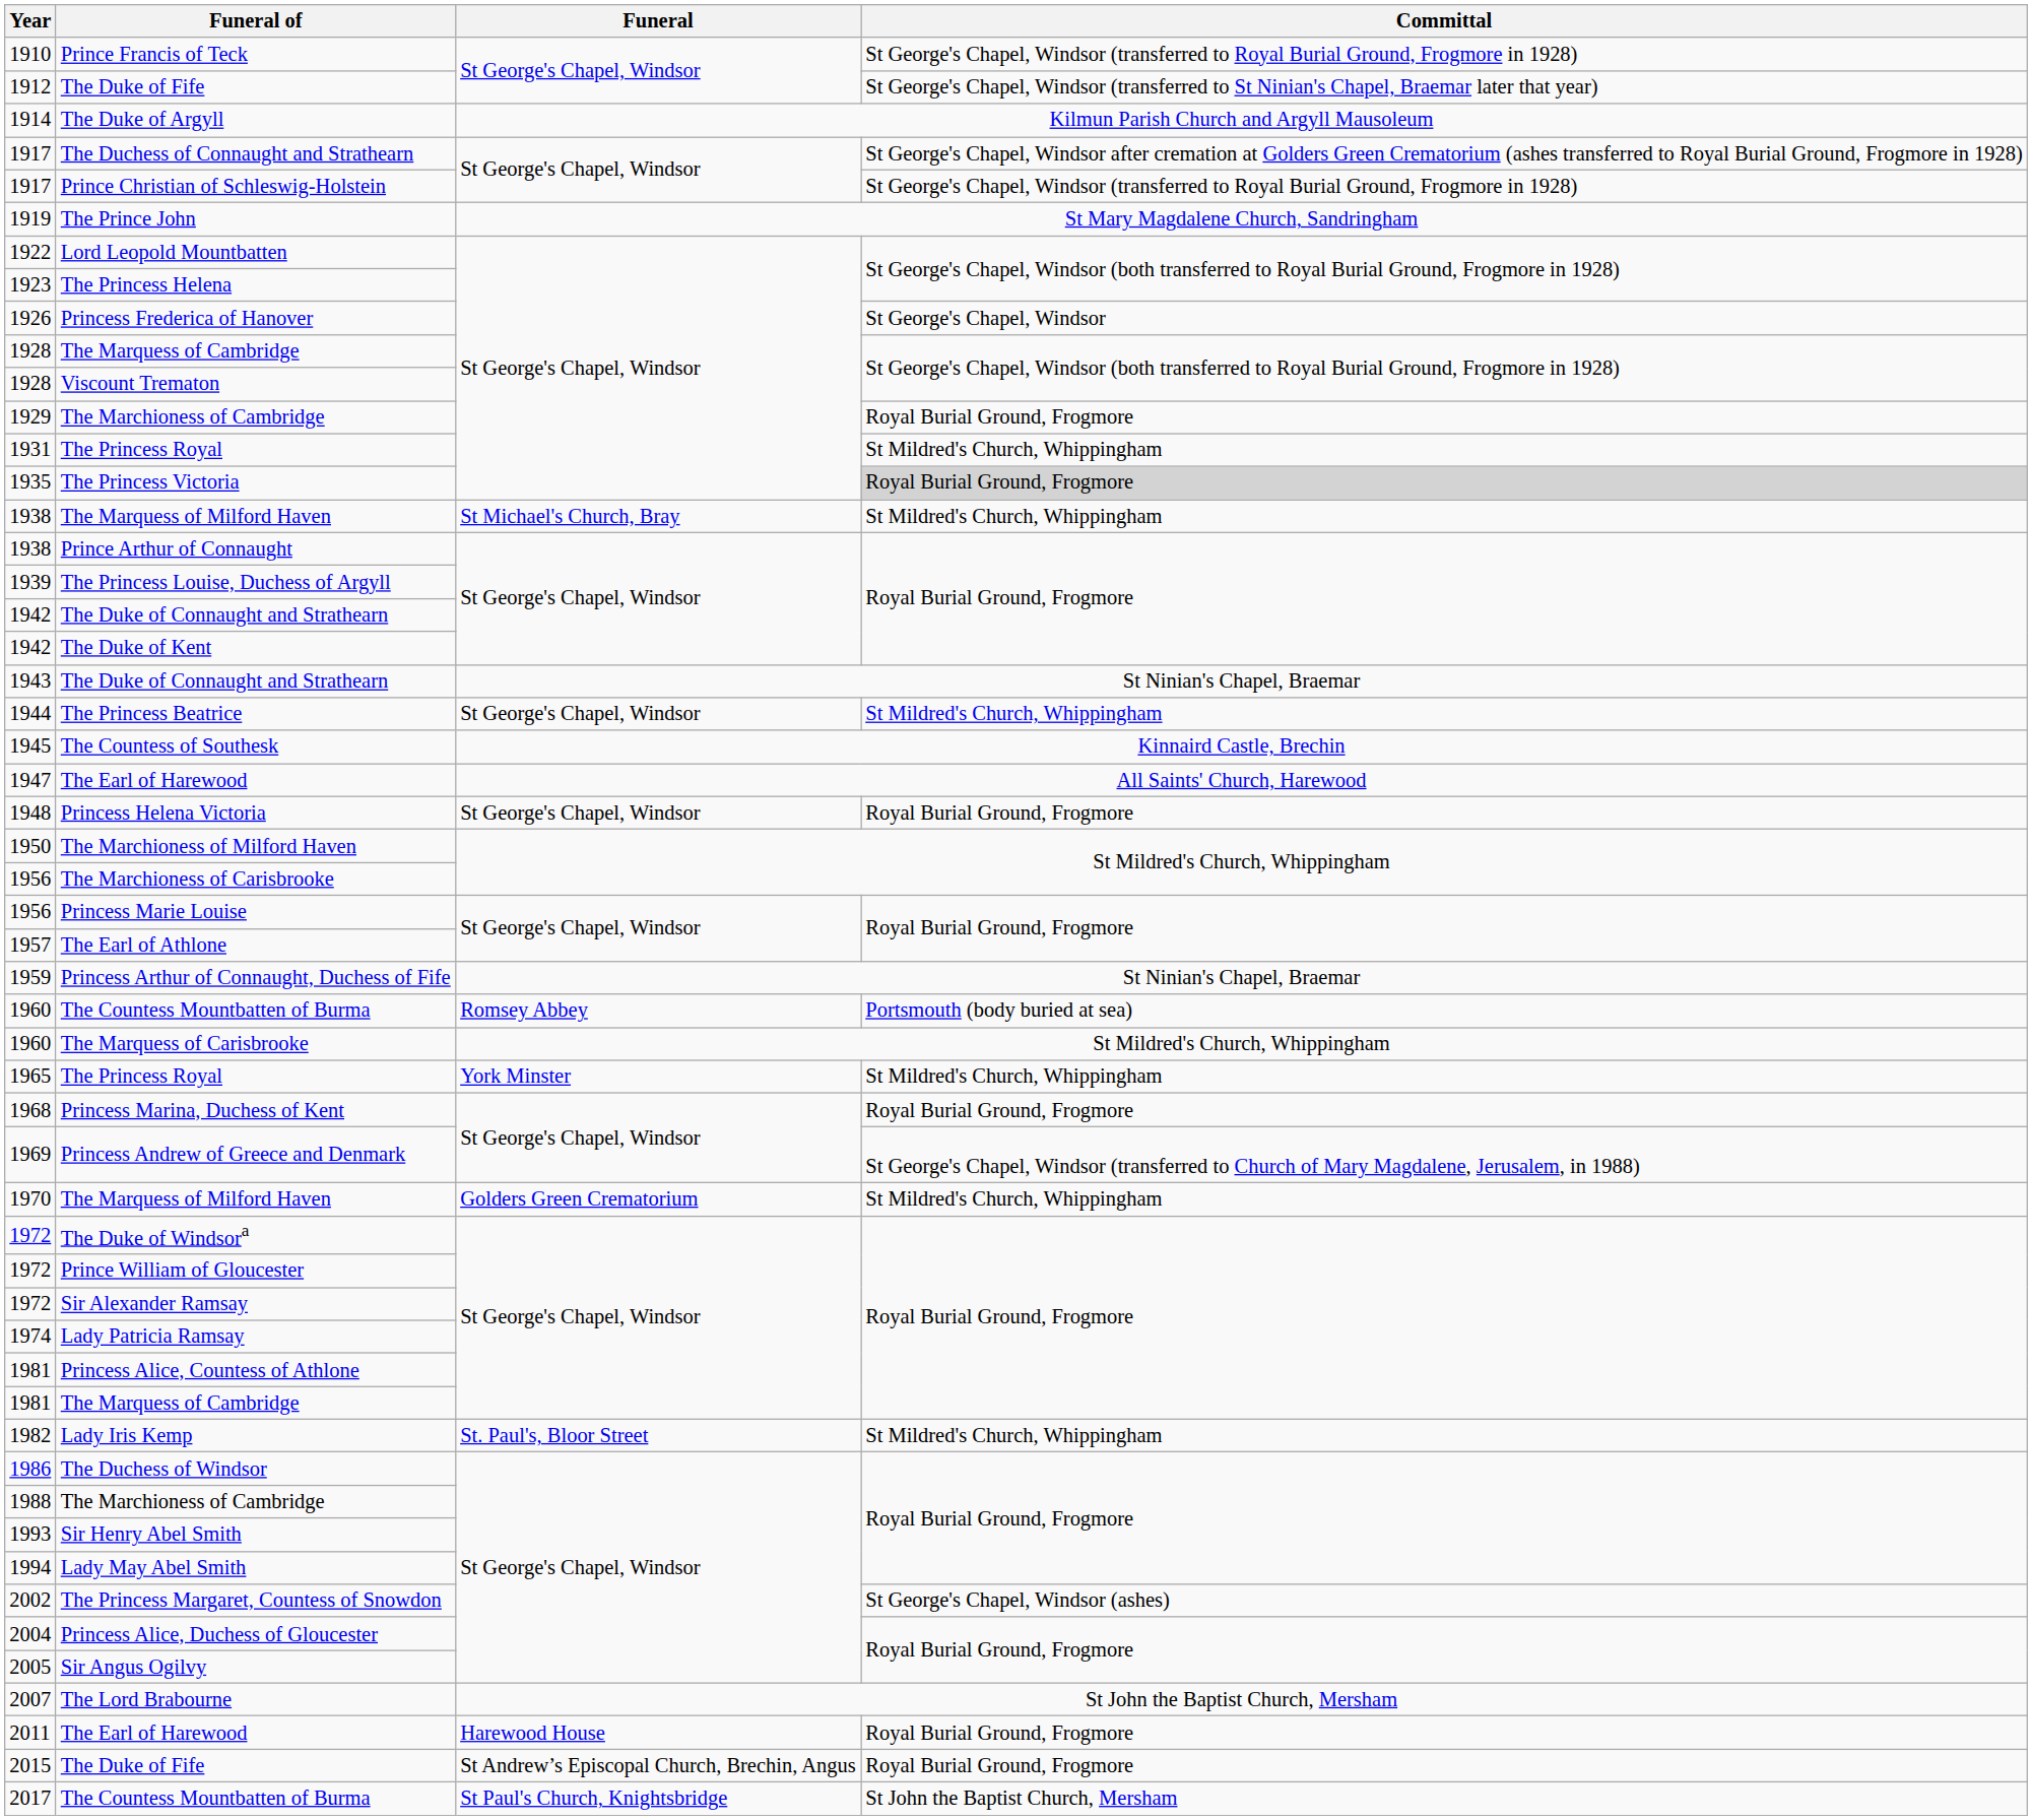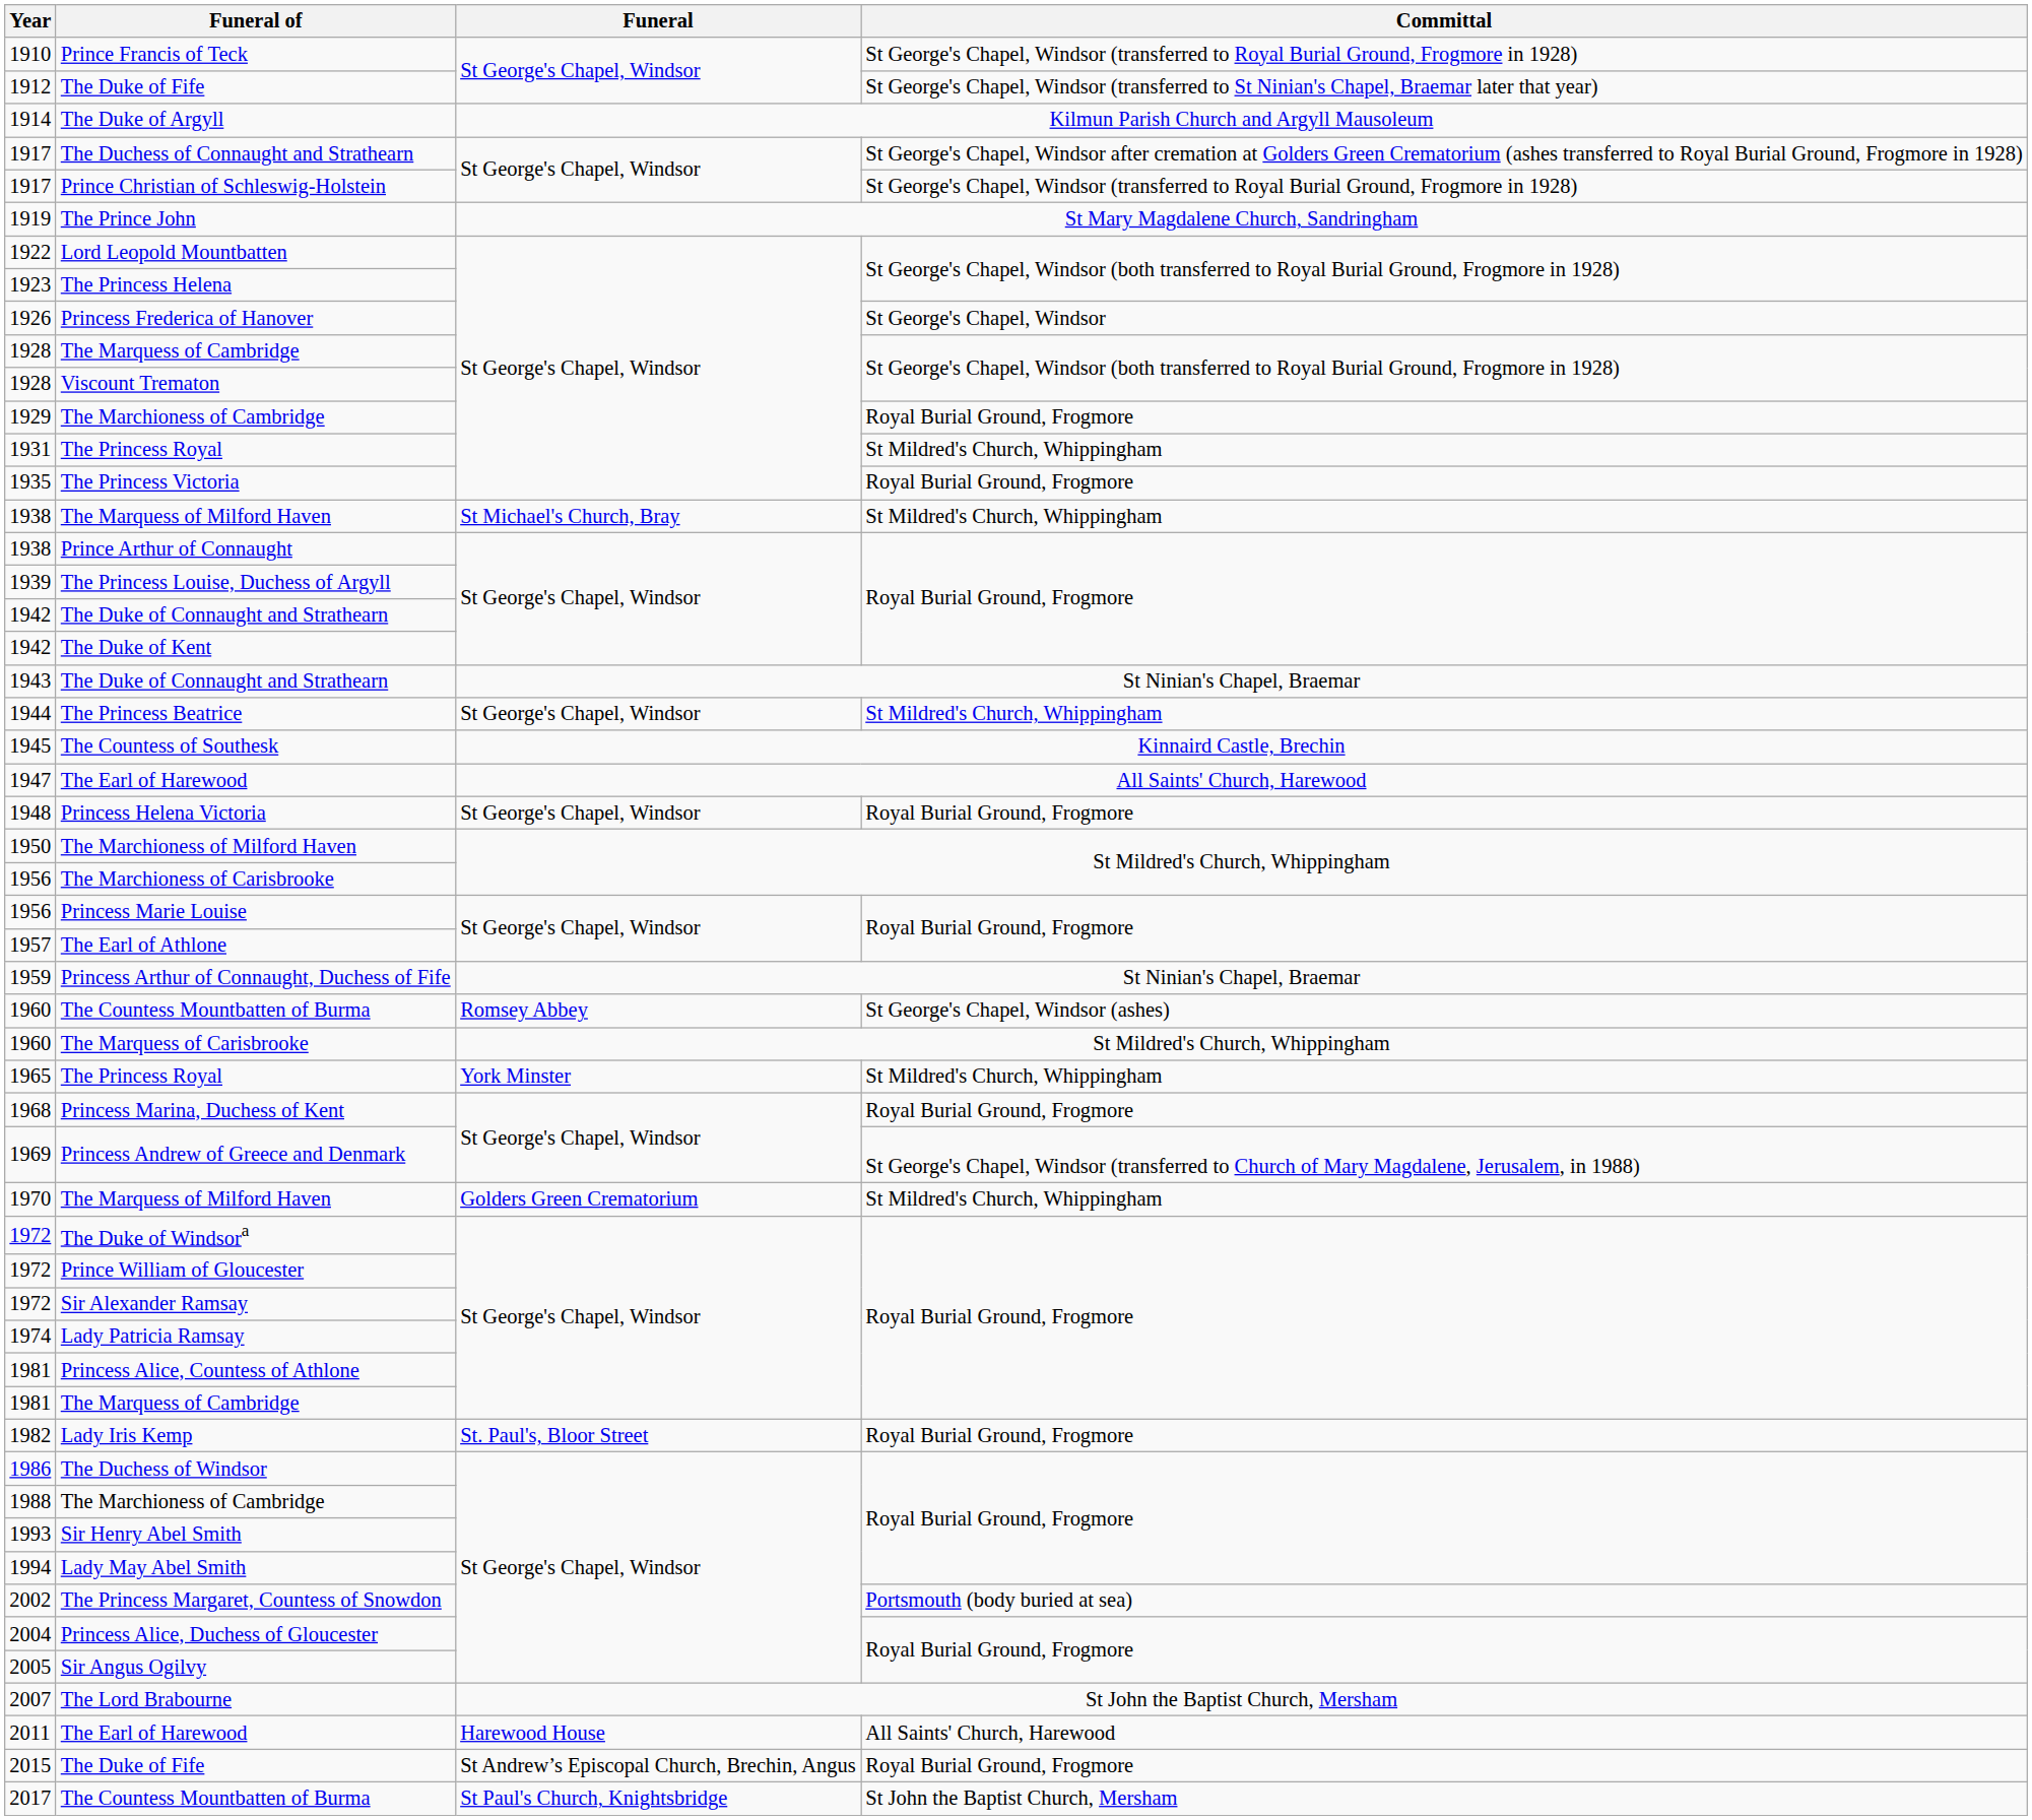 <table class="wikitable">
 <tr>
 <th>Year</th>
 <th>Funeral of</th>
 <th>Funeral</th>
 <th>Committal</th>
 </tr>
 <tr>
 <td>1910</td>
 <td><a href='#'>Prince Francis of Teck</a></td>
 <td rowspan=2><a href='#'>St George's Chapel, Windsor</a></td>
 <td>St George's Chapel, Windsor (transferred to <a href='#'>Royal Burial Ground, Frogmore</a> in 1928)</td>
 </tr>
 <tr>
 <td>1912</td>
 <td><a href='#'>The Duke of Fife</a></td>
 <td>St George's Chapel, Windsor (transferred to <a href='#'>St Ninian's Chapel, Braemar</a> later that year)</td>
 </tr>
 <tr>
 <td>1914</td>
 <td><a href='#'>The Duke of Argyll</a></td>
 <td colspan=2 style="text-align:center;"><a href='#'>Kilmun Parish Church and Argyll Mausoleum</a></td>
 </tr>
 <tr>
 <td>1917</td>
 <td><a href='#'>The Duchess of Connaught and Strathearn</a></td>
 <td rowspan="2">St George's Chapel, Windsor</td>
 <td>St George's Chapel, Windsor after cremation at <a href='#'>Golders Green Crematorium</a> (ashes transferred to Royal Burial Ground, Frogmore in 1928)</td>
 </tr>
 <tr>
 <td>1917</td>
 <td><a href='#'>Prince Christian of Schleswig-Holstein</a></td>
 <td>St George's Chapel, Windsor (transferred to Royal Burial Ground, Frogmore in 1928)</td>
 </tr>
 <tr>
 <td>1919</td>
 <td><a href='#'>The Prince John</a></td>
 <td colspan=2 style="text-align:center;"><a href='#'>St Mary Magdalene Church, Sandringham</a></td>
 </tr>
 <tr>
 <td>1922</td>
 <td><a href='#'>Lord Leopold Mountbatten</a></td>
 <td rowspan="8">St George's Chapel, Windsor</td>
 <td rowspan=2>St George's Chapel, Windsor (both transferred to Royal Burial Ground, Frogmore in 1928)</td>
 </tr>
 <tr>
 <td>1923</td>
 <td><a href='#'>The Princess Helena</a></td>
 </tr>
 <tr>
 <td>1926</td>
 <td><a href='#'>Princess Frederica of Hanover</a></td>
 <td>St George's Chapel, Windsor</td>
 </tr>
 <tr>
 <td>1928</td>
 <td><a href='#'>The Marquess of Cambridge</a></td>
 <td rowspan=2>St George's Chapel, Windsor (both transferred to Royal Burial Ground, Frogmore in 1928)</td>
 </tr>
 <tr>
 <td>1928</td>
 <td><a href='#'>Viscount Trematon</a></td>
 </tr>
 <tr>
 <td>1929</td>
 <td><a href='#'>The Marchioness of Cambridge</a></td>
 <td>Royal Burial Ground, Frogmore</td>
 </tr>
 <tr>
 <td>1931</td>
 <td><a href='#'>The Princess Royal</a></td>
 <td>St Mildred's Church, Whippingham</td>
 </tr>
 <tr>
 <td>1935</td>
 <td><a href='#'>The Princess Victoria</a></td>
-<td style="background: lightgrey;">Royal Burial Ground, Frogmore</td>
+<td>Royal Burial Ground, Frogmore</td>
 </tr>
 <tr>
 <td>1938</td>
 <td><a href='#'>The Marquess of Milford Haven</a></td>
 <td><a href='#'>St Michael's Church, Bray</a></td>
 <td>St Mildred's Church, Whippingham</td>
 </tr>
 <tr>
 <td>1938</td>
 <td><a href='#'>Prince Arthur of Connaught</a></td>
 <td rowspan="4">St George's Chapel, Windsor</td>
 <td rowspan="4">Royal Burial Ground, Frogmore</td>
 </tr>
 <tr>
 <td>1939</td>
 <td><a href='#'>The Princess Louise, Duchess of Argyll</a></td>
 </tr>
 <tr>
 <td>1942</td>
 <td><a href='#'>The Duke of Connaught and Strathearn</a></td>
 </tr>
 <tr>
 <td>1942</td>
 <td><a href='#'>The Duke of Kent</a></td>
 </tr>
 <tr>
 <td>1943</td>
 <td><a href='#'>The Duke of Connaught and Strathearn</a></td>
 <td colspan=2 style="text-align:center;">St Ninian's Chapel, Braemar</td>
 </tr>
 <tr>
 <td>1944</td>
 <td><a href='#'>The Princess Beatrice</a></td>
 <td>St George's Chapel, Windsor</td>
 <td><a href='#'>St Mildred's Church, Whippingham</a></td>
 </tr>
 <tr>
 <td>1945</td>
 <td><a href='#'>The Countess of Southesk</a></td>
 <td colspan=2 style="text-align:center;"><a href='#'>Kinnaird Castle, Brechin</a></td>
 </tr>
 <tr>
 <td>1947</td>
 <td><a href='#'>The Earl of Harewood</a></td>
 <td colspan=2 style="text-align:center;"><a href='#'>All Saints' Church, Harewood</a></td>
 </tr>
 <tr>
 <td>1948</td>
 <td><a href='#'>Princess Helena Victoria</a></td>
 <td>St George's Chapel, Windsor</td>
 <td>Royal Burial Ground, Frogmore</td>
 </tr>
 <tr>
 <td>1950</td>
 <td><a href='#'>The Marchioness of Milford Haven</a></td>
 <td rowspan="2" colspan=2 style="text-align:center;">St Mildred's Church, Whippingham</td>
 </tr>
 <tr>
 <td>1956</td>
 <td><a href='#'>The Marchioness of Carisbrooke</a></td>
 </tr>
 <tr>
 <td>1956</td>
 <td><a href='#'>Princess Marie Louise</a></td>
 <td rowspan="2">St George's Chapel, Windsor</td>
 <td rowspan="2">Royal Burial Ground, Frogmore</td>
 </tr>
 <tr>
 <td>1957</td>
 <td><a href='#'>The Earl of Athlone</a></td>
 </tr>
 <tr>
 <td>1959</td>
 <td><a href='#'>Princess Arthur of Connaught, Duchess of Fife</a></td>
 <td colspan=2 style="text-align:center;">St Ninian's Chapel, Braemar</td>
 </tr>
 <tr>
 <td>1960</td>
 <td><a href='#'>The Countess Mountbatten of Burma</a></td>
 <td><a href='#'>Romsey Abbey</a></td>
-<td><a href='#'>Portsmouth</a> (body buried at sea)</td>
+<td>St George's Chapel, Windsor (ashes)</td>
 </tr>
 <tr>
 <td>1960</td>
 <td><a href='#'>The Marquess of Carisbrooke</a></td>
 <td colspan=2 style="text-align:center;">St Mildred's Church, Whippingham</td>
 </tr>
 <tr>
 <td>1965</td>
 <td><a href='#'>The Princess Royal</a></td>
 <td><a href='#'>York Minster</a></td>
 <td>St Mildred's Church, Whippingham</td>
 </tr>
 <tr>
 <td>1968</td>
 <td><a href='#'>Princess Marina, Duchess of Kent</a></td>
 <td rowspan=2>St George's Chapel, Windsor</td>
 <td>Royal Burial Ground, Frogmore</td>
 </tr>
 <tr>
 <td>1969</td>
 <td><a href='#'>Princess Andrew of Greece and Denmark</a></td>
 <td><br>St George's Chapel, Windsor (transferred to <a href='#'>Church of Mary Magdalene</a>, <a href='#'>Jerusalem</a>, in 1988)</td>
 </tr>
 <tr>
 <td>1970</td>
 <td><a href='#'>The Marquess of Milford Haven</a></td>
 <td><a href='#'>Golders Green Crematorium</a></td>
 <td>St Mildred's Church, Whippingham</td>
 </tr>
 <tr>
 <td><a href='#'>1972</a></td>
 <td><a href='#'>The Duke of Windsor</a><sup>a</sup></td>
 <td rowspan=6>St George's Chapel, Windsor</td>
 <td rowspan=6>Royal Burial Ground, Frogmore</td>
 </tr>
 <tr>
 <td>1972</td>
 <td><a href='#'>Prince William of Gloucester</a></td>
 </tr>
 <tr>
 <td>1972</td>
 <td><a href='#'>Sir Alexander Ramsay</a></td>
 </tr>
 <tr>
 <td>1974</td>
 <td><a href='#'>Lady Patricia Ramsay</a></td>
 </tr>
 <tr>
 <td>1981</td>
 <td><a href='#'>Princess Alice, Countess of Athlone</a></td>
 </tr>
 <tr>
 <td>1981</td>
 <td><a href='#'>The Marquess of Cambridge</a></td>
 </tr>
 <tr>
 <td>1982</td>
 <td><a href='#'>Lady Iris Kemp</a></td>
 <td><a href='#'>St. Paul's, Bloor Street</a></td>
-<td>St Mildred's Church, Whippingham</td>
+<td>Royal Burial Ground, Frogmore</td>
 </tr>
 <tr>
 <td><a href='#'>1986</a></td>
 <td><a href='#'>The Duchess of Windsor</a></td>
 <td rowspan=7>St George's Chapel, Windsor</td>
 <td rowspan=4>Royal Burial Ground, Frogmore</td>
 </tr>
 <tr>
 <td>1988</td>
 <td>The Marchioness of Cambridge</td>
 </tr>
 <tr>
 <td>1993</td>
 <td><a href='#'>Sir Henry Abel Smith</a></td>
 </tr>
 <tr>
 <td>1994</td>
 <td><a href='#'>Lady May Abel Smith</a></td>
 </tr>
 <tr>
 <td>2002</td>
 <td><a href='#'>The Princess Margaret, Countess of Snowdon</a></td>
-<td>St George's Chapel, Windsor (ashes)</td>
+<td><a href='#'>Portsmouth</a> (body buried at sea)</td>
 </tr>
 <tr>
 <td>2004</td>
 <td><a href='#'>Princess Alice, Duchess of Gloucester</a></td>
 <td rowspan=2>Royal Burial Ground, Frogmore</td>
 </tr>
 <tr>
 <td>2005</td>
 <td><a href='#'>Sir Angus Ogilvy</a></td>
 </tr>
 <tr>
 <td>2007</td>
 <td><a href='#'>The Lord Brabourne</a></td>
 <td colspan=2 style="text-align:center;">St John the Baptist Church, <a href='#'>Mersham</a></td>
 </tr>
 <tr>
 <td>2011</td>
 <td><a href='#'>The Earl of Harewood</a></td>
 <td><a href='#'>Harewood House</a></td>
-<td>Royal Burial Ground, Frogmore</td>
+<td>All Saints' Church, Harewood</td>
 </tr>
 <tr>
 <td>2015</td>
 <td><a href='#'>The Duke of Fife</a></td>
 <td>St Andrew’s Episcopal Church, Brechin, Angus</td>
 <td>Royal Burial Ground, Frogmore</td>
 </tr>
 <tr>
 <td>2017</td>
 <td><a href='#'>The Countess Mountbatten of Burma</a></td>
 <td><a href='#'>St Paul's Church, Knightsbridge</a></td>
 <td>St John the Baptist Church, <a href='#'>Mersham</a></td>
 </tr>
 </table>
